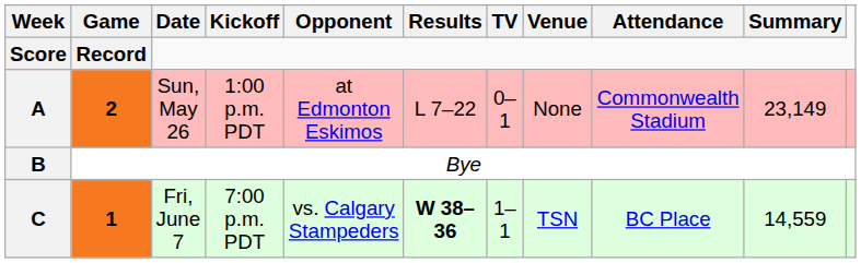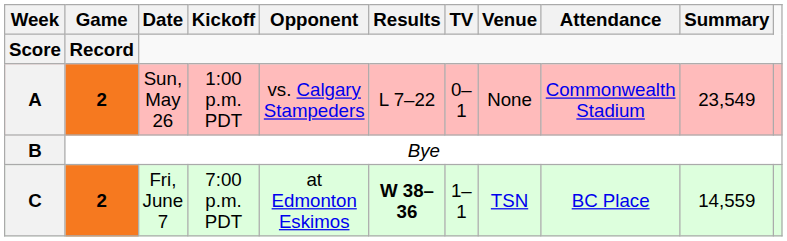 <table class="wikitable" style="font-size: 95%;">
 <tr>
 <th scope="col">Week</th>
 <th scope="col">Game</th>
 <th scope="col">Date</th>
 <th scope="col">Kickoff</th>
 <th scope="col">Opponent</th>
 <th scope="col">Results</th>
 <th scope="col">TV</th>
 <th scope="col">Venue</th>
 <th scope="col">Attendance</th>
 <th scope="col">Summary</th>
 </tr>
 <tr>
 <th scope="col">Score</th>
 <th scope="col">Record</th>
 </tr>
 <tr align="center" bgcolor="#ffbbbb">
 <th align="center"><strong>A</strong></th>
 <th style="text-align:center; background:#F6791F;"><span><strong>2</strong></span></th>
 <td align="center">Sun, May 26</td>
 <td align="center">1:00 p.m. PDT</td>
-<td align="center">at <a href='#'>Edmonton Eskimos</a></td>
+<td align="center">vs. <a href='#'>Calgary Stampeders</a></td>
 <td align="center">L 7–22</td>
 <td align="center">0–1</td>
 <td align="center">None</td>
 <td align="center"><a href='#'>Commonwealth Stadium</a></td>
-<td align="center">23,149</td>
+<td align="center">23,549</td>
 <td align="center"></td>
 </tr>
 <tr align="center" bgcolor="ffffff">
 <th align="center"><strong>B</strong></th>
 <td colspan=10 align="center" valign="middle"><em>Bye</em></td>
 </tr>
 <tr align="center" bgcolor="ddffdd">
 <th align="center"><strong>C</strong></th>
-<th style="text-align:center; background:#F6791F;"><span><strong>1</strong></span></th>
+<th style="text-align:center; background:#F6791F;"><span><strong>2</strong></span></th>
 <td align="center">Fri, June 7</td>
 <td align="center">7:00 p.m. PDT</td>
-<td align="center">vs. <a href='#'>Calgary Stampeders</a></td>
+<td align="center">at <a href='#'>Edmonton Eskimos</a></td>
 <td align="center"><strong>W 38–36</strong></td>
 <td align="center">1–1</td>
 <td align="center"><a href='#'>TSN</a></td>
 <td align="center"><a href='#'>BC Place</a></td>
 <td align="center">14,559</td>
 <td align="center"></td>
 </tr>
 </table>
